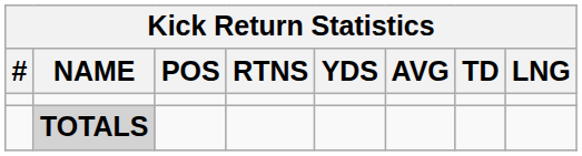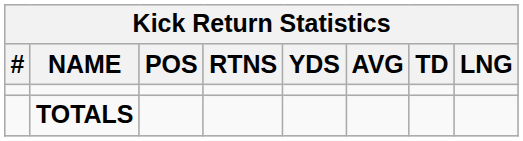 <table class="wikitable sortable collapsible collapsed">
 <tr>
 <th colspan="8">Kick Return Statistics</th>
 </tr>
 <tr>
 <th>#</th>
 <th>NAME</th>
 <th>POS</th>
 <th>RTNS</th>
 <th>YDS</th>
 <th>AVG</th>
 <th>TD</th>
 <th>LNG</th>
 </tr>
 <tr>
 <td></td>
 <td></td>
 <td></td>
 <td></td>
 <td></td>
 <td></td>
 <td></td>
 <td></td>
 </tr>
 <tr>
 <td></td>
-<td style="background: lightgrey;"><strong>TOTALS</strong></td>
+<td><strong>TOTALS</strong></td>
 <td></td>
 <td></td>
 <td></td>
 <td></td>
 <td></td>
 <td></td>
 </tr>
 </table>
